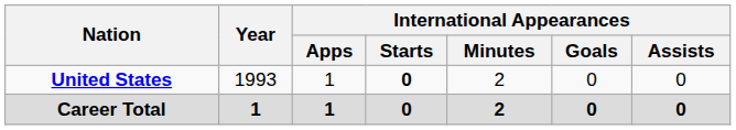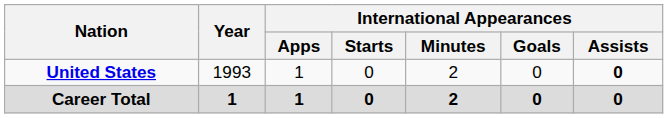 <table class="wikitable" style=font-size:90% text-align: center width=35%>
 <tr>
 <th rowspan=2 width=20%>Nation</th>
 <th rowspan=2 width=7%>Year</th>
 <th colspan=5 width=30%>International Appearances</th>
 </tr>
 <tr>
 <th align=center>Apps</th>
 <th align=center>Starts</th>
 <th align=center>Minutes</th>
 <th align=center>Goals</th>
 <th align=center>Assists</th>
 </tr>
 <tr>
 <td rowspan=1 align=center><strong><a href='#'>United States</a></strong></td>
 <td align=center>1993</td>
 <td align=center>1</td>
-<td align=center><strong>0</strong></td>
+<td align=center>0</td>
 <td align=center>2</td>
 <td align=center>0</td>
-<td align=center>0</td>
+<td align=center><strong>0</strong></td>
 </tr>
 <tr>
 <th style="background: #DCDCDC" align=center>Career Total</th>
 <th style="background: #DCDCDC" align=center>1</th>
 <th style="background: #DCDCDC" align=center>1</th>
 <th style="background: #DCDCDC" align=center>0</th>
 <th style="background: #DCDCDC" align=center>2</th>
 <th style="background: #DCDCDC" align=center>0</th>
 <th style="background: #DCDCDC" align=center>0</th>
 </tr>
 </table>
